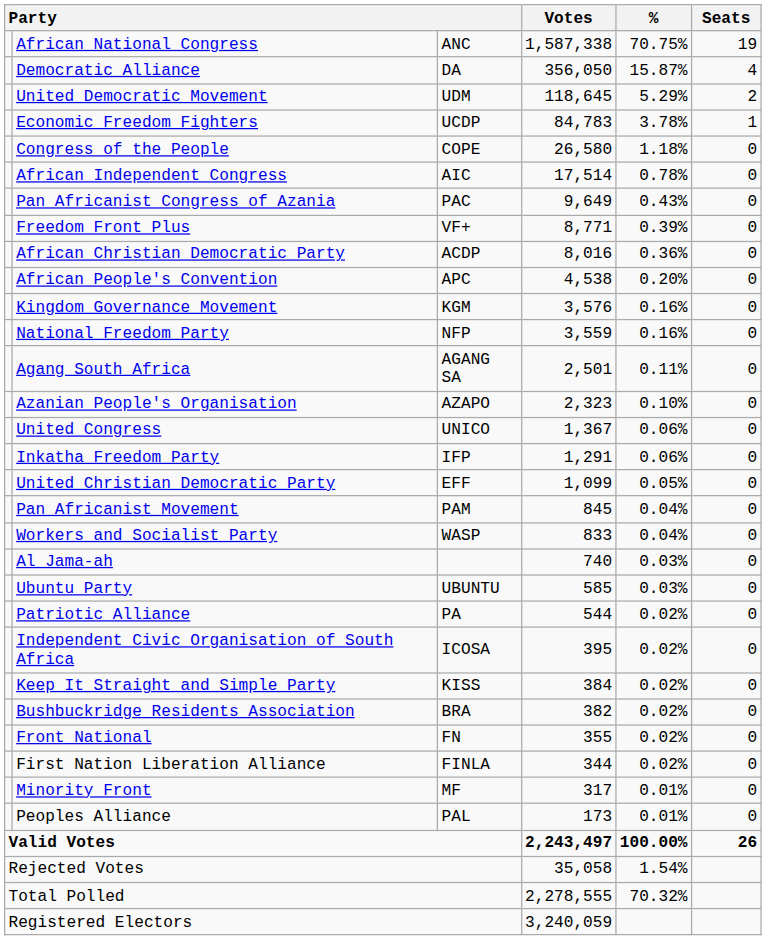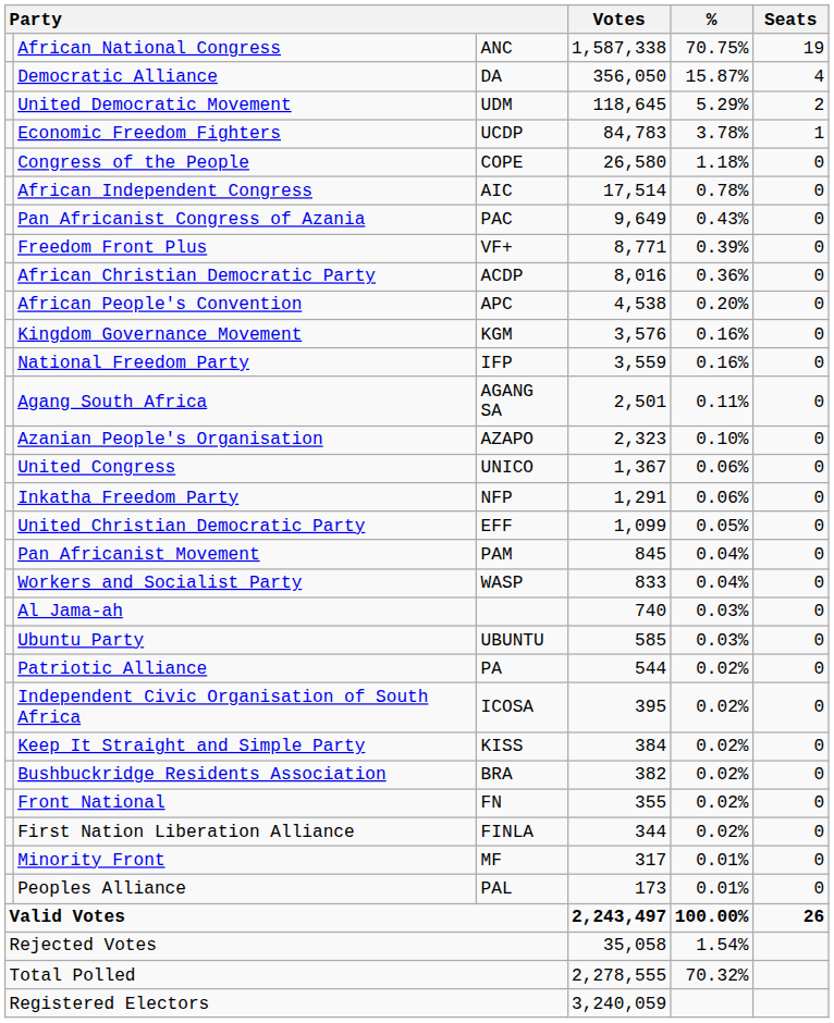 <table class="wikitable" border="1" style="text-align:right;">
 <tr>
 <th style="text-align:left;" colspan=3>Party</th>
 <th align=center width="50">Votes</th>
 <th align=center width="50">%</th>
 <th align=center width="50">Seats</th>
 </tr>
 <tr>
 <td style="background:"></td>
 <td align=left><a href='#'>African National Congress</a></td>
 <td align=left>ANC</td>
 <td>1,587,338</td>
 <td>70.75%</td>
 <td>19</td>
 </tr>
 <tr>
 <td style="background:"></td>
 <td align=left><a href='#'>Democratic Alliance</a></td>
 <td align=left>DA</td>
 <td>356,050</td>
 <td>15.87%</td>
 <td>4</td>
 </tr>
 <tr>
 <td style="background:"></td>
 <td align=left><a href='#'>United Democratic Movement</a></td>
 <td align=left>UDM</td>
 <td>118,645</td>
 <td>5.29%</td>
 <td>2</td>
 </tr>
 <tr>
 <td style="background:"></td>
 <td align=left><a href='#'>Economic Freedom Fighters</a></td>
 <td align=left>UCDP</td>
 <td>84,783</td>
 <td>3.78%</td>
 <td>1</td>
 </tr>
 <tr>
 <td style="background:"></td>
 <td align=left><a href='#'>Congress of the People</a></td>
 <td align=left>COPE</td>
 <td>26,580</td>
 <td>1.18%</td>
 <td>0</td>
 </tr>
 <tr>
 <td style="background:"></td>
 <td align=left><a href='#'>African Independent Congress</a></td>
 <td align=left>AIC</td>
 <td>17,514</td>
 <td>0.78%</td>
 <td>0</td>
 </tr>
 <tr>
 <td style="background:"></td>
 <td align=left><a href='#'>Pan Africanist Congress of Azania</a></td>
 <td align=left>PAC</td>
 <td>9,649</td>
 <td>0.43%</td>
 <td>0</td>
 </tr>
 <tr>
 <td style="background:"></td>
 <td align=left><a href='#'>Freedom Front Plus</a></td>
 <td align=left>VF+</td>
 <td>8,771</td>
 <td>0.39%</td>
 <td>0</td>
 </tr>
 <tr>
 <td style="background:"></td>
 <td align=left><a href='#'>African Christian Democratic Party</a></td>
 <td align=left>ACDP</td>
 <td>8,016</td>
 <td>0.36%</td>
 <td>0</td>
 </tr>
 <tr>
 <td style="background:"></td>
 <td align=left><a href='#'>African People's Convention</a></td>
 <td align=left>APC</td>
 <td>4,538</td>
 <td>0.20%</td>
 <td>0</td>
 </tr>
 <tr>
 <td></td>
 <td align=left><a href='#'>Kingdom Governance Movement</a></td>
 <td align=left>KGM</td>
 <td>3,576</td>
 <td>0.16%</td>
 <td>0</td>
 </tr>
 <tr>
 <td style="background:"></td>
 <td align=left><a href='#'>National Freedom Party</a></td>
-<td align=left>NFP</td>
+<td align=left>IFP</td>
 <td>3,559</td>
 <td>0.16%</td>
 <td>0</td>
 </tr>
 <tr>
 <td style="background:"></td>
 <td align=left><a href='#'>Agang South Africa</a></td>
 <td align=left>AGANG SA</td>
 <td>2,501</td>
 <td>0.11%</td>
 <td>0</td>
 </tr>
 <tr>
 <td style="background:"></td>
 <td align=left><a href='#'>Azanian People's Organisation</a></td>
 <td align=left>AZAPO</td>
 <td>2,323</td>
 <td>0.10%</td>
 <td>0</td>
 </tr>
 <tr>
 <td style="background:"></td>
 <td align=left><a href='#'>United Congress</a></td>
 <td align=left>UNICO</td>
 <td>1,367</td>
 <td>0.06%</td>
 <td>0</td>
 </tr>
 <tr>
 <td style="background:"></td>
 <td align=left><a href='#'>Inkatha Freedom Party</a></td>
-<td align=left>IFP</td>
+<td align=left>NFP</td>
 <td>1,291</td>
 <td>0.06%</td>
 <td>0</td>
 </tr>
 <tr>
 <td style="background:"></td>
 <td align=left><a href='#'>United Christian Democratic Party</a></td>
 <td align=left>EFF</td>
 <td>1,099</td>
 <td>0.05%</td>
 <td>0</td>
 </tr>
 <tr>
 <td style="background:"></td>
 <td align=left><a href='#'>Pan Africanist Movement</a></td>
 <td align=left>PAM</td>
 <td>845</td>
 <td>0.04%</td>
 <td>0</td>
 </tr>
 <tr>
 <td style="background:"></td>
 <td align=left><a href='#'>Workers and Socialist Party</a></td>
 <td align=left>WASP</td>
 <td>833</td>
 <td>0.04%</td>
 <td>0</td>
 </tr>
 <tr>
 <td style="background:"></td>
 <td align=left><a href='#'>Al Jama-ah</a></td>
 <td align=left></td>
 <td>740</td>
 <td>0.03%</td>
 <td>0</td>
 </tr>
 <tr>
 <td style="background:"></td>
 <td align=left><a href='#'>Ubuntu Party</a></td>
 <td align=left>UBUNTU</td>
 <td>585</td>
 <td>0.03%</td>
 <td>0</td>
 </tr>
 <tr>
 <td style="background:"></td>
 <td align=left><a href='#'>Patriotic Alliance</a></td>
 <td align=left>PA</td>
 <td>544</td>
 <td>0.02%</td>
 <td>0</td>
 </tr>
 <tr>
 <td style="background:"></td>
 <td align=left><a href='#'>Independent Civic Organisation of South Africa</a></td>
 <td align=left>ICOSA</td>
 <td>395</td>
 <td>0.02%</td>
 <td>0</td>
 </tr>
 <tr>
 <td style="background:"></td>
 <td align=left><a href='#'>Keep It Straight and Simple Party</a></td>
 <td align=left>KISS</td>
 <td>384</td>
 <td>0.02%</td>
 <td>0</td>
 </tr>
 <tr>
 <td style="background:"></td>
 <td align=left><a href='#'>Bushbuckridge Residents Association</a></td>
 <td align=left>BRA</td>
 <td>382</td>
 <td>0.02%</td>
 <td>0</td>
 </tr>
 <tr>
 <td style="background:"></td>
 <td align=left><a href='#'>Front National</a></td>
 <td align=left>FN</td>
 <td>355</td>
 <td>0.02%</td>
 <td>0</td>
 </tr>
 <tr>
 <td></td>
 <td align=left>First Nation Liberation Alliance</td>
 <td align=left>FINLA</td>
 <td>344</td>
 <td>0.02%</td>
 <td>0</td>
 </tr>
 <tr>
 <td style="background:"></td>
 <td align=left><a href='#'>Minority Front</a></td>
 <td align=left>MF</td>
 <td>317</td>
 <td>0.01%</td>
 <td>0</td>
 </tr>
 <tr>
 <td></td>
 <td align=left>Peoples Alliance</td>
 <td align=left>PAL</td>
 <td>173</td>
 <td>0.01%</td>
 <td>0</td>
 </tr>
 <tr style="font-weight:bold">
 <td align=left colspan=3>Valid Votes</td>
 <td>2,243,497</td>
 <td>100.00%</td>
 <td>26</td>
 </tr>
 <tr>
 <td align=left colspan=3>Rejected Votes</td>
 <td>35,058</td>
 <td>1.54%</td>
 <td></td>
 </tr>
 <tr>
 <td align=left colspan=3>Total Polled</td>
 <td>2,278,555</td>
 <td>70.32%</td>
 <td></td>
 </tr>
 <tr>
 <td align=left colspan=3>Registered Electors</td>
 <td>3,240,059</td>
 <td></td>
 <td></td>
 </tr>
 </table>
